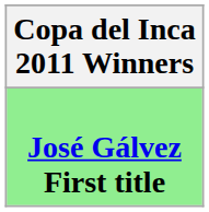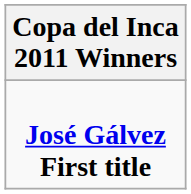 <table class="wikitable" style="text-align: center; margin: 0 auto;">
 <tr>
 <th>Copa del Inca<br>2011 Winners</th>
 </tr>
 <tr>
-<td style="background: lightgreen;"><br><strong> <a href='#'>José Gálvez</a></strong><br><strong>First title</strong></td>
+<td><br><strong> <a href='#'>José Gálvez</a></strong><br><strong>First title</strong></td>
 </tr>
 </table>
